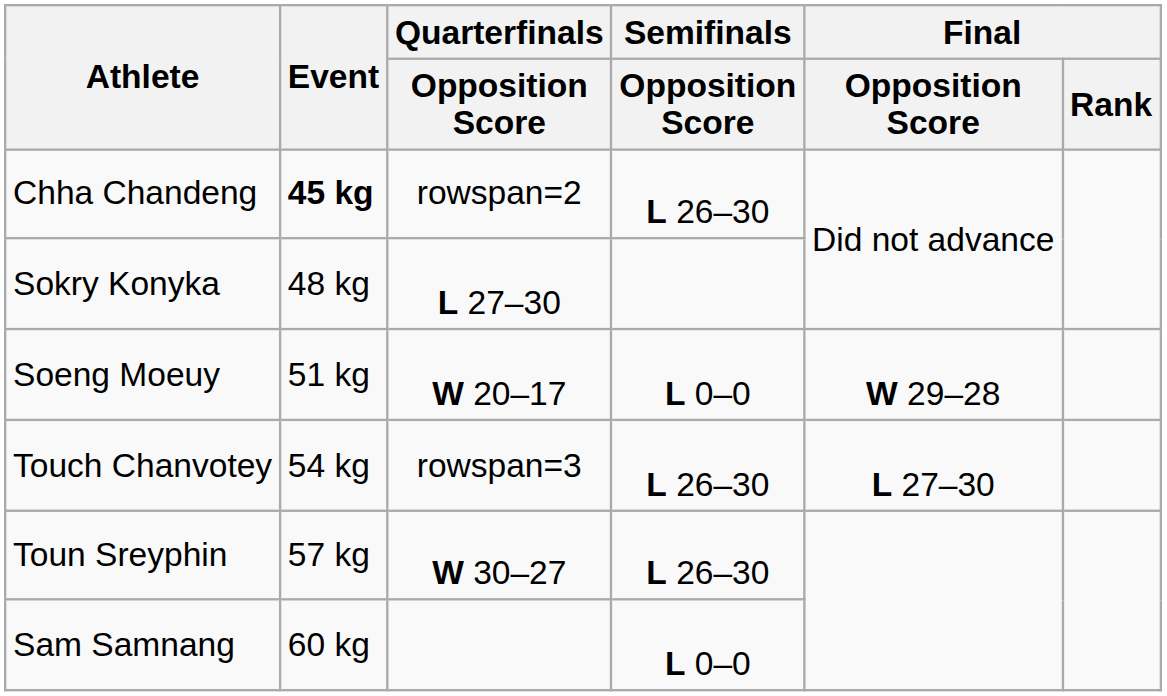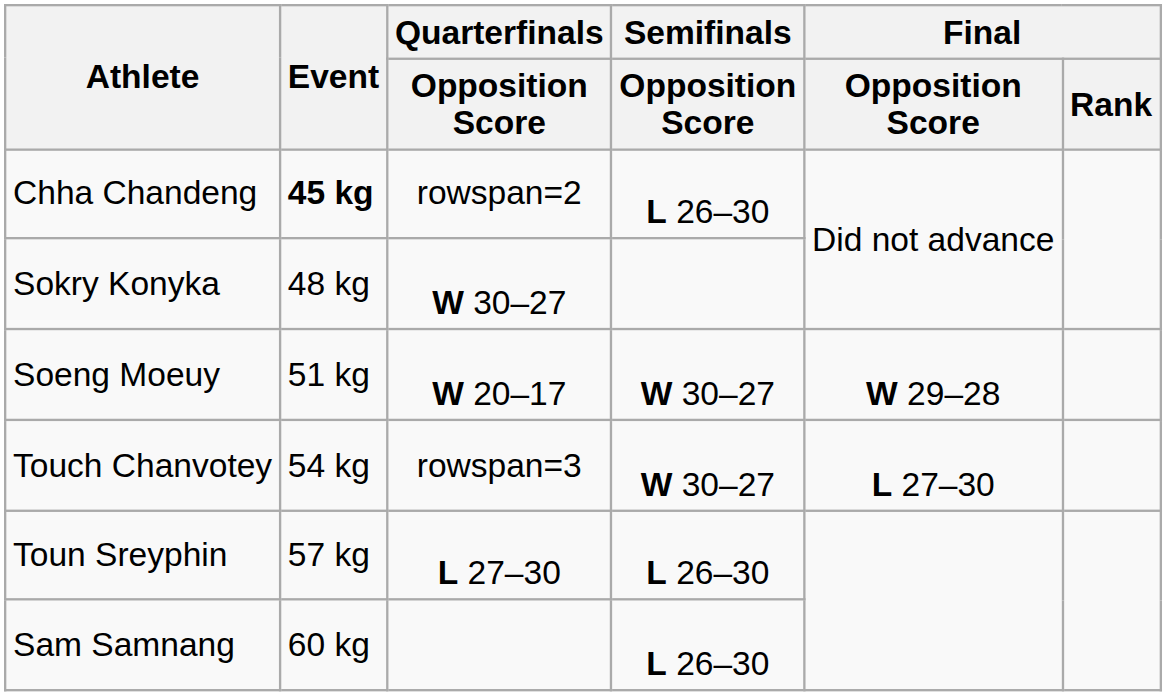 <table class="wikitable" style="font-size:90%">
 <tr>
 <th rowspan=2>Athlete</th>
 <th rowspan=2>Event</th>
 <th>Quarterfinals</th>
 <th>Semifinals</th>
 <th colspan=2>Final</th>
 </tr>
 <tr style="font-size:95">
 <th>Opposition<br>Score</th>
 <th>Opposition<br>Score</th>
 <th>Opposition<br>Score</th>
 <th>Rank</th>
 </tr>
 <tr align=center>
 <td align=left>Chha Chandeng</td>
 <td align=left><strong>45 kg</strong></td>
 <td>rowspan=2 </td>
 <td><br><strong>L</strong> 26–30</td>
 <td rowspan=2>Did not advance</td>
 <td rowspan=2></td>
 </tr>
 <tr align=center>
 <td align=left>Sokry Konyka</td>
 <td align=left>48 kg</td>
-<td><br><strong>L</strong> 27–30</td>
+<td><br><strong>W</strong> 30–27</td>
 </tr>
 <tr align=center>
 <td align=left>Soeng Moeuy</td>
 <td align=left>51 kg</td>
 <td><br><strong>W</strong> 20–17 </td>
-<td><br><strong>L</strong> 0–0 </td>
+<td><br><strong>W</strong> 30–27</td>
 <td><br><strong>W</strong> 29–28</td>
 <td></td>
 </tr>
 <tr align=center>
 <td align=left>Touch Chanvotey</td>
 <td align=left>54 kg</td>
 <td>rowspan=3 </td>
-<td><br><strong>L</strong> 26–30</td>
+<td><br><strong>W</strong> 30–27</td>
 <td><br><strong>L</strong> 27–30</td>
 <td></td>
 </tr>
 <tr align=center>
 <td align=left>Toun Sreyphin</td>
 <td align=left>57 kg</td>
-<td><br><strong>W</strong> 30–27</td>
+<td><br><strong>L</strong> 27–30</td>
 <td><br><strong>L</strong> 26–30</td>
 <td rowspan=2></td>
 </tr>
 <tr align=center>
 <td align=left>Sam Samnang</td>
 <td align=left>60 kg</td>
 <td></td>
-<td><br><strong>L</strong> 0–0 </td>
+<td><br><strong>L</strong> 26–30</td>
 </tr>
 </table>
